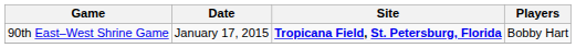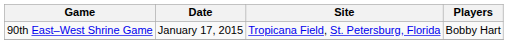 <table class="wikitable">
 <tr>
 <th>Game</th>
 <th>Date</th>
 <th>Site</th>
 <th>Players</th>
 </tr>
 <tr>
 <td>90th <a href='#'>East–West Shrine Game</a></td>
 <td>January 17, 2015</td>
-<td><strong><a href='#'>Tropicana Field</a>, <a href='#'>St. Petersburg, Florida</a></strong></td>
+<td><a href='#'>Tropicana Field</a>, <a href='#'>St. Petersburg, Florida</a></td>
 <td>Bobby Hart</td>
 </tr>
 <tr style="background: #e3e3e3;">
 </tr>
 <tr>
 </tr>
 </table>
